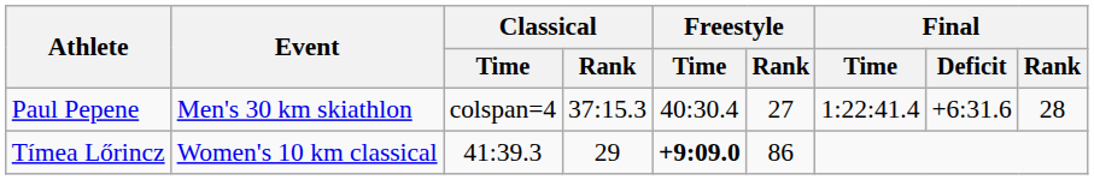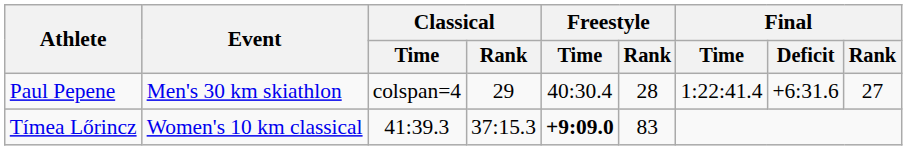 <table class="wikitable" style="font-size:90%">
 <tr>
 <th rowspan=2>Athlete</th>
 <th rowspan=2>Event</th>
 <th colspan=2>Classical</th>
 <th colspan=2>Freestyle</th>
 <th colspan=3>Final</th>
 </tr>
 <tr style="font-size: 95%">
 <th>Time</th>
 <th>Rank</th>
 <th>Time</th>
 <th>Rank</th>
 <th>Time</th>
 <th>Deficit</th>
 <th>Rank</th>
 </tr>
 <tr align=center>
 <td align=left><a href='#'>Paul Pepene</a></td>
 <td align=left><a href='#'>Men's 30 km skiathlon</a></td>
 <td>colspan=4</td>
-<td>37:15.3</td>
+<td>29</td>
 <td>40:30.4</td>
-<td>27</td>
+<td>28</td>
 <td>1:22:41.4</td>
 <td>+6:31.6</td>
-<td>28</td>
+<td>27</td>
 </tr>
 <tr align=center>
 <td align=left><a href='#'>Tímea Lőrincz</a></td>
 <td align=left><a href='#'>Women's 10 km classical</a></td>
 <td>41:39.3</td>
-<td>29</td>
+<td>37:15.3</td>
 <td><strong>+9:09.0</strong></td>
-<td>86</td>
+<td>83</td>
 </tr>
 </table>
